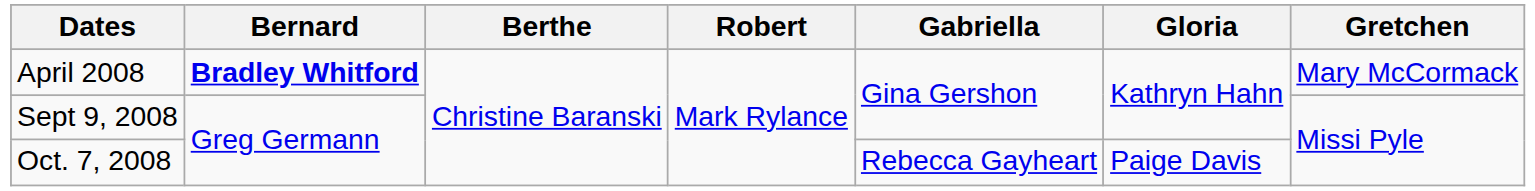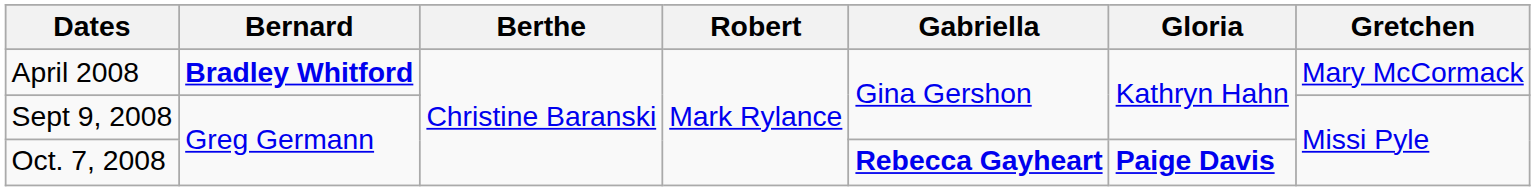 <table class="wikitable" style="margin:auto;">
 <tr>
 <th>Dates</th>
 <th>Bernard</th>
 <th>Berthe</th>
 <th>Robert</th>
 <th>Gabriella</th>
 <th>Gloria</th>
 <th>Gretchen</th>
 </tr>
 <tr>
 <td>April 2008</td>
 <td><strong><a href='#'>Bradley Whitford</a></strong></td>
 <td rowspan=3><a href='#'>Christine Baranski</a></td>
 <td rowspan=3><a href='#'>Mark Rylance</a></td>
 <td rowspan=2><a href='#'>Gina Gershon</a></td>
 <td rowspan=2><a href='#'>Kathryn Hahn</a></td>
 <td><a href='#'>Mary McCormack</a></td>
 </tr>
 <tr>
 <td>Sept 9, 2008</td>
 <td rowspan=2><a href='#'>Greg Germann</a></td>
 <td rowspan=2><a href='#'>Missi Pyle</a></td>
 </tr>
 <tr>
 <td>Oct. 7, 2008</td>
-<td><a href='#'>Rebecca Gayheart</a></td>
-<td><a href='#'>Paige Davis</a></td>
+<td><strong><a href='#'>Rebecca Gayheart</a></strong></td>
+<td><strong><a href='#'>Paige Davis</a></strong></td>
 </tr>
 </table>
